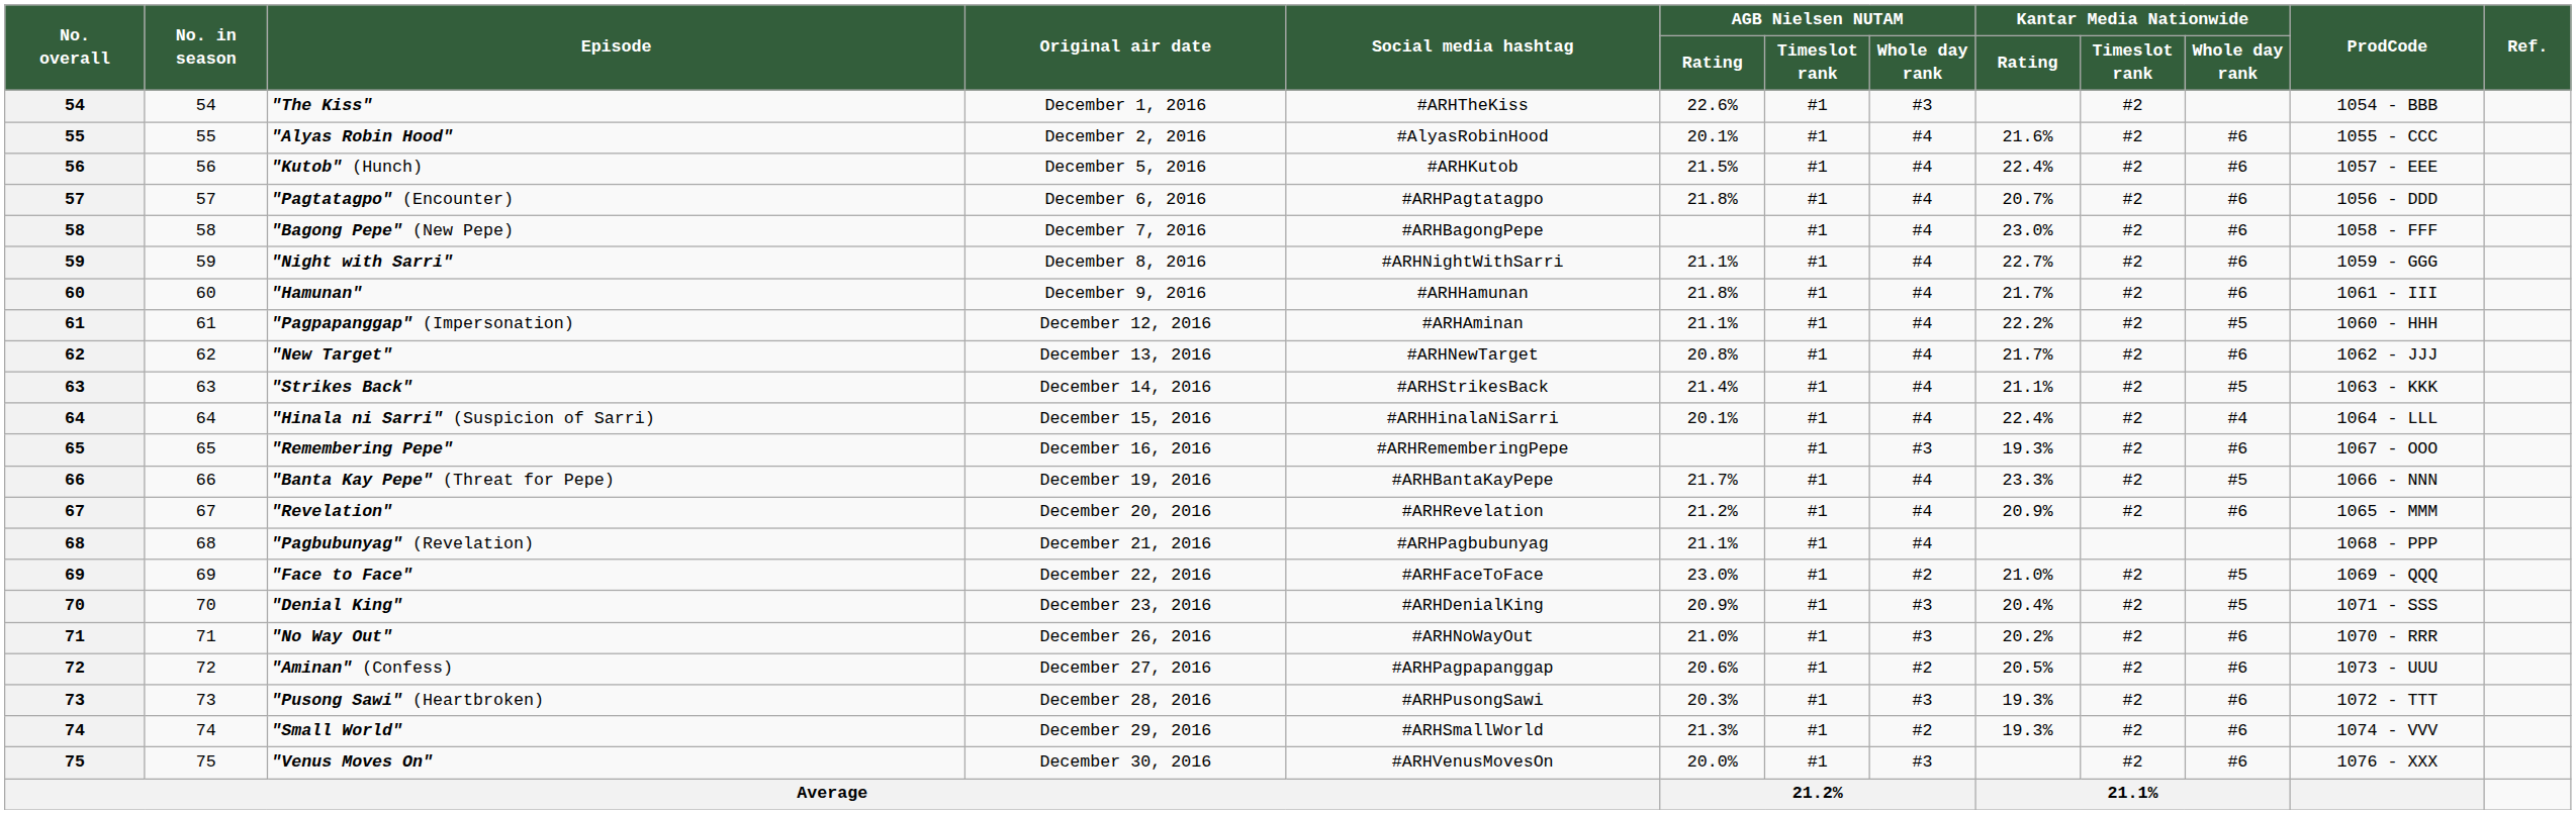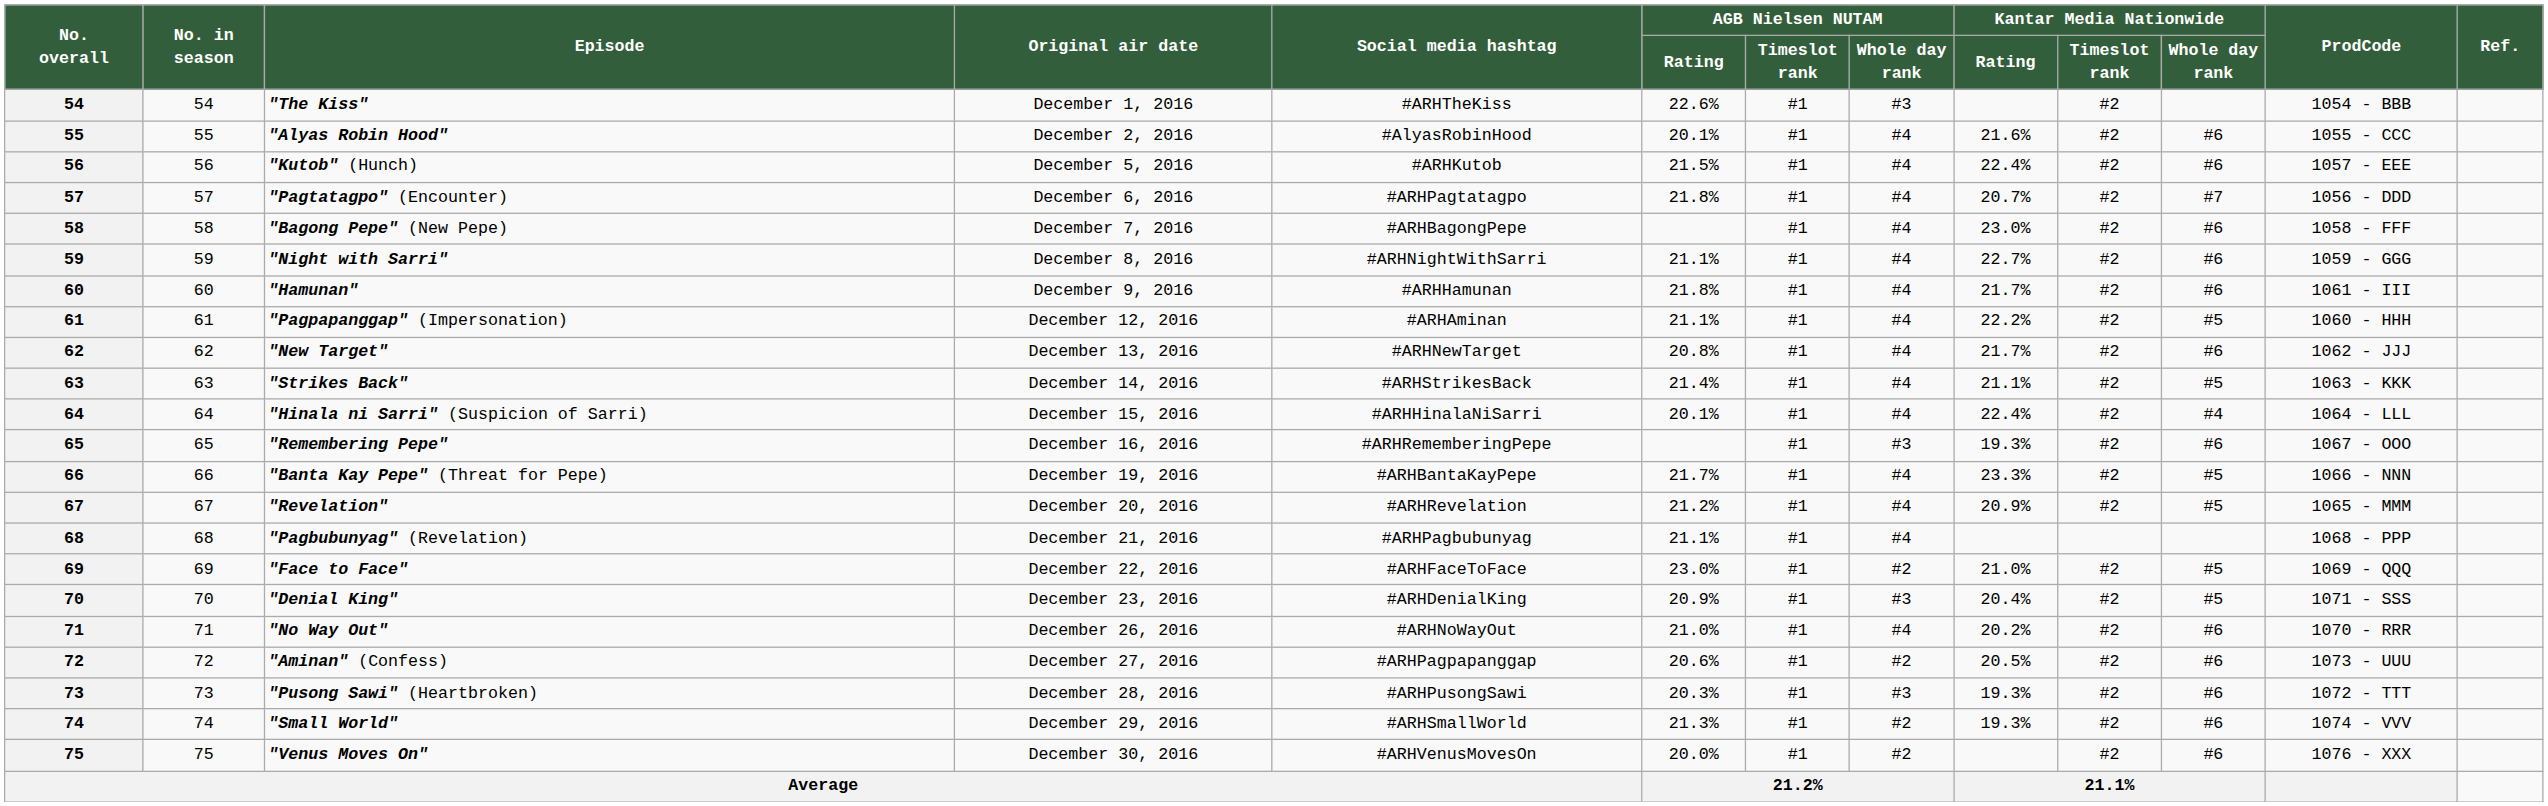 <table class="wikitable" style="text-align:center; font-size:100%; line-height:18px;"  width="100%">
 <tr>
 <th style="background-color:#335E3B; color:#ffffff;" rowspan="2">No.<br>overall</th>
 <th style="background-color:#335E3B; color:#ffffff;" rowspan="2">No. in<br>season</th>
 <th style="background-color:#335E3B; color:#ffffff;" rowspan="2">Episode</th>
 <th style="background: #335E3B; color:white" rowspan="2">Original air date</th>
 <th style="background:#335E3B; color:white" rowspan="2">Social media hashtag</th>
 <th style="background-color:#335E3B; color:#ffffff;" colspan="3">AGB Nielsen NUTAM</th>
 <th style="background-color:#335E3B; color:#ffffff;" colspan="3">Kantar Media Nationwide</th>
 <th style="background-color:#335E3B; color:#ffffff;" rowspan="2">ProdCode</th>
 <th style="background-color:#335E3B; color:#ffffff;" rowspan="2">Ref.</th>
 </tr>
 <tr>
 <th style="background-color:#335E3B; width:75px; color:#ffffff;">Rating</th>
 <th style="background-color:#335E3B; width:75px; color:#ffffff;">Timeslot<br>rank</th>
 <th style="background-color:#335E3B; width:75px; color:#ffffff;">Whole day<br>rank</th>
 <th style="background-color:#335E3B; width:75px; color:#ffffff;">Rating</th>
 <th style="background-color:#335E3B; width:75px; color:#ffffff;">Timeslot<br>rank</th>
 <th style="background-color:#335E3B; width:75px; color:#ffffff;">Whole day<br>rank</th>
 </tr>
 <tr>
 <th>54</th>
 <td>54</td>
 <td style="text-align: left;"><strong><em>"The Kiss"</em></strong></td>
 <td>December 1, 2016</td>
 <td>#ARHTheKiss</td>
 <td>22.6%</td>
 <td>#1</td>
 <td>#3</td>
 <td></td>
 <td>#2</td>
 <td></td>
 <td>1054 - BBB</td>
 <td></td>
 </tr>
 <tr>
 <th>55</th>
 <td>55</td>
 <td style="text-align: left;"><strong><em>"Alyas Robin Hood"</em></strong></td>
 <td>December 2, 2016</td>
 <td>#AlyasRobinHood</td>
 <td>20.1%</td>
 <td>#1</td>
 <td>#4</td>
 <td>21.6%</td>
 <td>#2</td>
 <td>#6</td>
 <td>1055 - CCC</td>
 <td></td>
 </tr>
 <tr>
 <th>56</th>
 <td>56</td>
 <td style="text-align: left;"><strong><em>"Kutob"</em></strong> (Hunch)</td>
 <td>December 5, 2016</td>
 <td>#ARHKutob</td>
 <td>21.5%</td>
 <td>#1</td>
 <td>#4</td>
 <td>22.4%</td>
 <td>#2</td>
 <td>#6</td>
 <td>1057 - EEE</td>
 <td></td>
 </tr>
 <tr>
 <th>57</th>
 <td>57</td>
 <td style="text-align: left;"><strong><em>"Pagtatagpo"</em></strong> (Encounter)</td>
 <td>December 6, 2016</td>
 <td>#ARHPagtatagpo</td>
 <td>21.8%</td>
 <td>#1</td>
 <td>#4</td>
 <td>20.7%</td>
 <td>#2</td>
-<td>#6</td>
+<td>#7</td>
 <td>1056 - DDD</td>
 <td></td>
 </tr>
 <tr>
 <th>58</th>
 <td>58</td>
 <td style="text-align: left;"><strong><em>"Bagong Pepe"</em></strong> (New Pepe)</td>
 <td>December 7, 2016</td>
 <td>#ARHBagongPepe</td>
 <td></td>
 <td>#1</td>
 <td>#4</td>
 <td>23.0%</td>
 <td>#2</td>
 <td>#6</td>
 <td>1058 - FFF</td>
 <td></td>
 </tr>
 <tr>
 <th>59</th>
 <td>59</td>
 <td style="text-align: left;"><strong><em>"Night with Sarri"</em></strong></td>
 <td>December 8, 2016</td>
 <td>#ARHNightWithSarri</td>
 <td>21.1%</td>
 <td>#1</td>
 <td>#4</td>
 <td>22.7%</td>
 <td>#2</td>
 <td>#6</td>
 <td>1059 - GGG</td>
 <td></td>
 </tr>
 <tr>
 <th>60</th>
 <td>60</td>
 <td style="text-align: left;"><strong><em>"Hamunan"</em></strong></td>
 <td>December 9, 2016</td>
 <td>#ARHHamunan</td>
 <td>21.8%</td>
 <td>#1</td>
 <td>#4</td>
 <td>21.7%</td>
 <td>#2</td>
 <td>#6</td>
 <td>1061 - III</td>
 <td></td>
 </tr>
 <tr>
 <th>61</th>
 <td>61</td>
 <td style="text-align: left;"><strong><em>"Pagpapanggap"</em></strong> (Impersonation)</td>
 <td>December 12, 2016</td>
 <td>#ARHAminan</td>
 <td>21.1%</td>
 <td>#1</td>
 <td>#4</td>
 <td>22.2%</td>
 <td>#2</td>
 <td>#5</td>
 <td>1060 - HHH</td>
 <td></td>
 </tr>
 <tr>
 <th>62</th>
 <td>62</td>
 <td style="text-align: left;"><strong><em>"New Target"</em></strong></td>
 <td>December 13, 2016</td>
 <td>#ARHNewTarget</td>
 <td>20.8%</td>
 <td>#1</td>
 <td>#4</td>
 <td>21.7%</td>
 <td>#2</td>
 <td>#6</td>
 <td>1062 - JJJ</td>
 <td></td>
 </tr>
 <tr>
 <th>63</th>
 <td>63</td>
 <td style="text-align: left;"><strong><em>"Strikes Back"</em></strong></td>
 <td>December 14, 2016</td>
 <td>#ARHStrikesBack</td>
 <td>21.4%</td>
 <td>#1</td>
 <td>#4</td>
 <td>21.1%</td>
 <td>#2</td>
 <td>#5</td>
 <td>1063 - KKK</td>
 <td></td>
 </tr>
 <tr>
 <th>64</th>
 <td>64</td>
 <td style="text-align: left;"><strong><em>"Hinala ni Sarri"</em></strong> (Suspicion of Sarri)</td>
 <td>December 15, 2016</td>
 <td>#ARHHinalaNiSarri</td>
 <td>20.1%</td>
 <td>#1</td>
 <td>#4</td>
 <td>22.4%</td>
 <td>#2</td>
 <td>#4</td>
 <td>1064 - LLL</td>
 <td></td>
 </tr>
 <tr>
 <th>65</th>
 <td>65</td>
 <td style="text-align: left;"><strong><em>"Remembering Pepe"</em></strong></td>
 <td>December 16, 2016</td>
 <td>#ARHRememberingPepe</td>
 <td></td>
 <td>#1</td>
 <td>#3</td>
 <td>19.3%</td>
 <td>#2</td>
 <td>#6</td>
 <td>1067 - OOO</td>
 <td></td>
 </tr>
 <tr>
 <th>66</th>
 <td>66</td>
 <td style="text-align: left;"><strong><em>"Banta Kay Pepe"</em></strong> (Threat for Pepe)</td>
 <td>December 19, 2016</td>
 <td>#ARHBantaKayPepe</td>
 <td>21.7%</td>
 <td>#1</td>
 <td>#4</td>
 <td>23.3%</td>
 <td>#2</td>
 <td>#5</td>
 <td>1066 - NNN</td>
 <td></td>
 </tr>
 <tr>
 <th>67</th>
 <td>67</td>
 <td style="text-align: left;"><strong><em>"Revelation"</em></strong></td>
 <td>December 20, 2016</td>
 <td>#ARHRevelation</td>
 <td>21.2%</td>
 <td>#1</td>
 <td>#4</td>
 <td>20.9%</td>
 <td>#2</td>
-<td>#6</td>
+<td>#5</td>
 <td>1065 - MMM</td>
 <td></td>
 </tr>
 <tr>
 <th>68</th>
 <td>68</td>
 <td style="text-align: left;"><strong><em>"Pagbubunyag"</em></strong> (Revelation)</td>
 <td>December 21, 2016</td>
 <td>#ARHPagbubunyag</td>
 <td>21.1%</td>
 <td>#1</td>
 <td>#4</td>
 <td></td>
 <td></td>
 <td></td>
 <td>1068 - PPP</td>
 <td></td>
 </tr>
 <tr>
 <th>69</th>
 <td>69</td>
 <td style="text-align: left;"><strong><em>"Face to Face"</em></strong></td>
 <td>December 22, 2016</td>
 <td>#ARHFaceToFace</td>
 <td>23.0%</td>
 <td>#1</td>
 <td>#2</td>
 <td>21.0%</td>
 <td>#2</td>
 <td>#5</td>
 <td>1069 - QQQ</td>
 <td></td>
 </tr>
 <tr>
 <th>70</th>
 <td>70</td>
 <td style="text-align: left;"><strong><em>"Denial King"</em></strong></td>
 <td>December 23, 2016</td>
 <td>#ARHDenialKing</td>
 <td>20.9%</td>
 <td>#1</td>
 <td>#3</td>
 <td>20.4%</td>
 <td>#2</td>
 <td>#5</td>
 <td>1071 - SSS</td>
 <td></td>
 </tr>
 <tr>
 <th>71</th>
 <td>71</td>
 <td style="text-align: left;"><strong><em>"No Way Out"</em></strong></td>
 <td>December 26, 2016</td>
 <td>#ARHNoWayOut</td>
 <td>21.0%</td>
 <td>#1</td>
-<td>#3</td>
+<td>#4</td>
 <td>20.2%</td>
 <td>#2</td>
 <td>#6</td>
 <td>1070 - RRR</td>
 <td></td>
 </tr>
 <tr>
 <th>72</th>
 <td>72</td>
 <td style="text-align: left;"><strong><em>"Aminan"</em></strong> (Confess)</td>
 <td>December 27, 2016</td>
 <td>#ARHPagpapanggap</td>
 <td>20.6%</td>
 <td>#1</td>
 <td>#2</td>
 <td>20.5%</td>
 <td>#2</td>
 <td>#6</td>
 <td>1073 - UUU</td>
 <td></td>
 </tr>
 <tr>
 <th>73</th>
 <td>73</td>
 <td style="text-align: left;"><strong><em>"Pusong Sawi"</em></strong> (Heartbroken)</td>
 <td>December 28, 2016</td>
 <td>#ARHPusongSawi</td>
 <td>20.3%</td>
 <td>#1</td>
 <td>#3</td>
 <td>19.3%</td>
 <td>#2</td>
 <td>#6</td>
 <td>1072 - TTT</td>
 <td></td>
 </tr>
 <tr>
 <th>74</th>
 <td>74</td>
 <td style="text-align: left;"><strong><em>"Small World"</em></strong></td>
 <td>December 29, 2016</td>
 <td>#ARHSmallWorld</td>
 <td>21.3%</td>
 <td>#1</td>
 <td>#2</td>
 <td>19.3%</td>
 <td>#2</td>
 <td>#6</td>
 <td>1074 - VVV</td>
 <td></td>
 </tr>
 <tr>
 <th>75</th>
 <td>75</td>
 <td style="text-align: left;"><strong><em>"Venus Moves On"</em></strong></td>
 <td>December 30, 2016</td>
 <td>#ARHVenusMovesOn</td>
 <td>20.0%</td>
 <td>#1</td>
-<td>#3</td>
+<td>#2</td>
 <td></td>
 <td>#2</td>
 <td>#6</td>
 <td>1076 - XXX</td>
 <td></td>
 </tr>
 <tr>
 <th colspan="5">Average</th>
 <th colspan="3">21.2%</th>
 <th colspan="3">21.1%</th>
 <th></th>
 </tr>
 </table>
